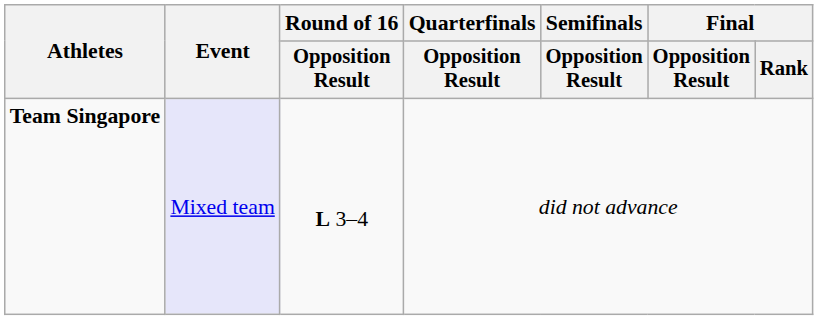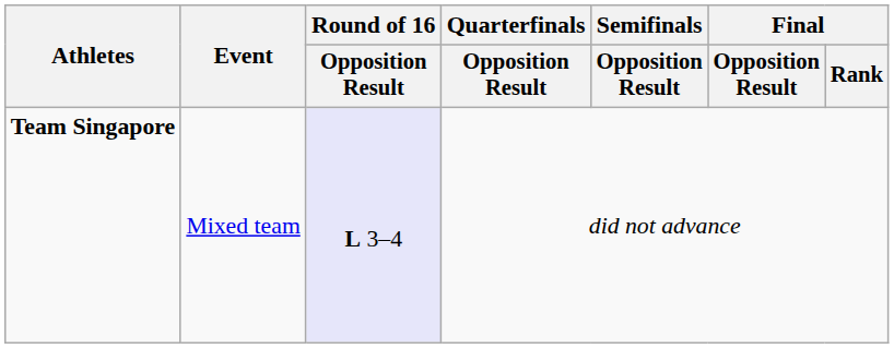 <table class="wikitable" style="font-size:90%">
 <tr>
 <th rowspan=2>Athletes</th>
 <th rowspan=2>Event</th>
 <th>Round of 16</th>
 <th>Quarterfinals</th>
 <th>Semifinals</th>
 <th colspan=2>Final</th>
 </tr>
 <tr style="font-size:95%">
 <th>Opposition<br>Result</th>
 <th>Opposition<br>Result</th>
 <th>Opposition<br>Result</th>
 <th>Opposition<br>Result</th>
 <th>Rank</th>
 </tr>
 <tr align=center>
 <td align=left><strong>Team Singapore</strong><br><br> <br><br><br><br><br><br></td>
-<td align=left style="background: lavender;"><a href='#'>Mixed team</a></td>
-<td><br><strong>L</strong> 3–4</td>
+<td align=left><a href='#'>Mixed team</a></td>
+<td style="background: lavender;"><br><strong>L</strong> 3–4</td>
 <td colspan=4><em>did not advance</em></td>
 </tr>
 </table>
